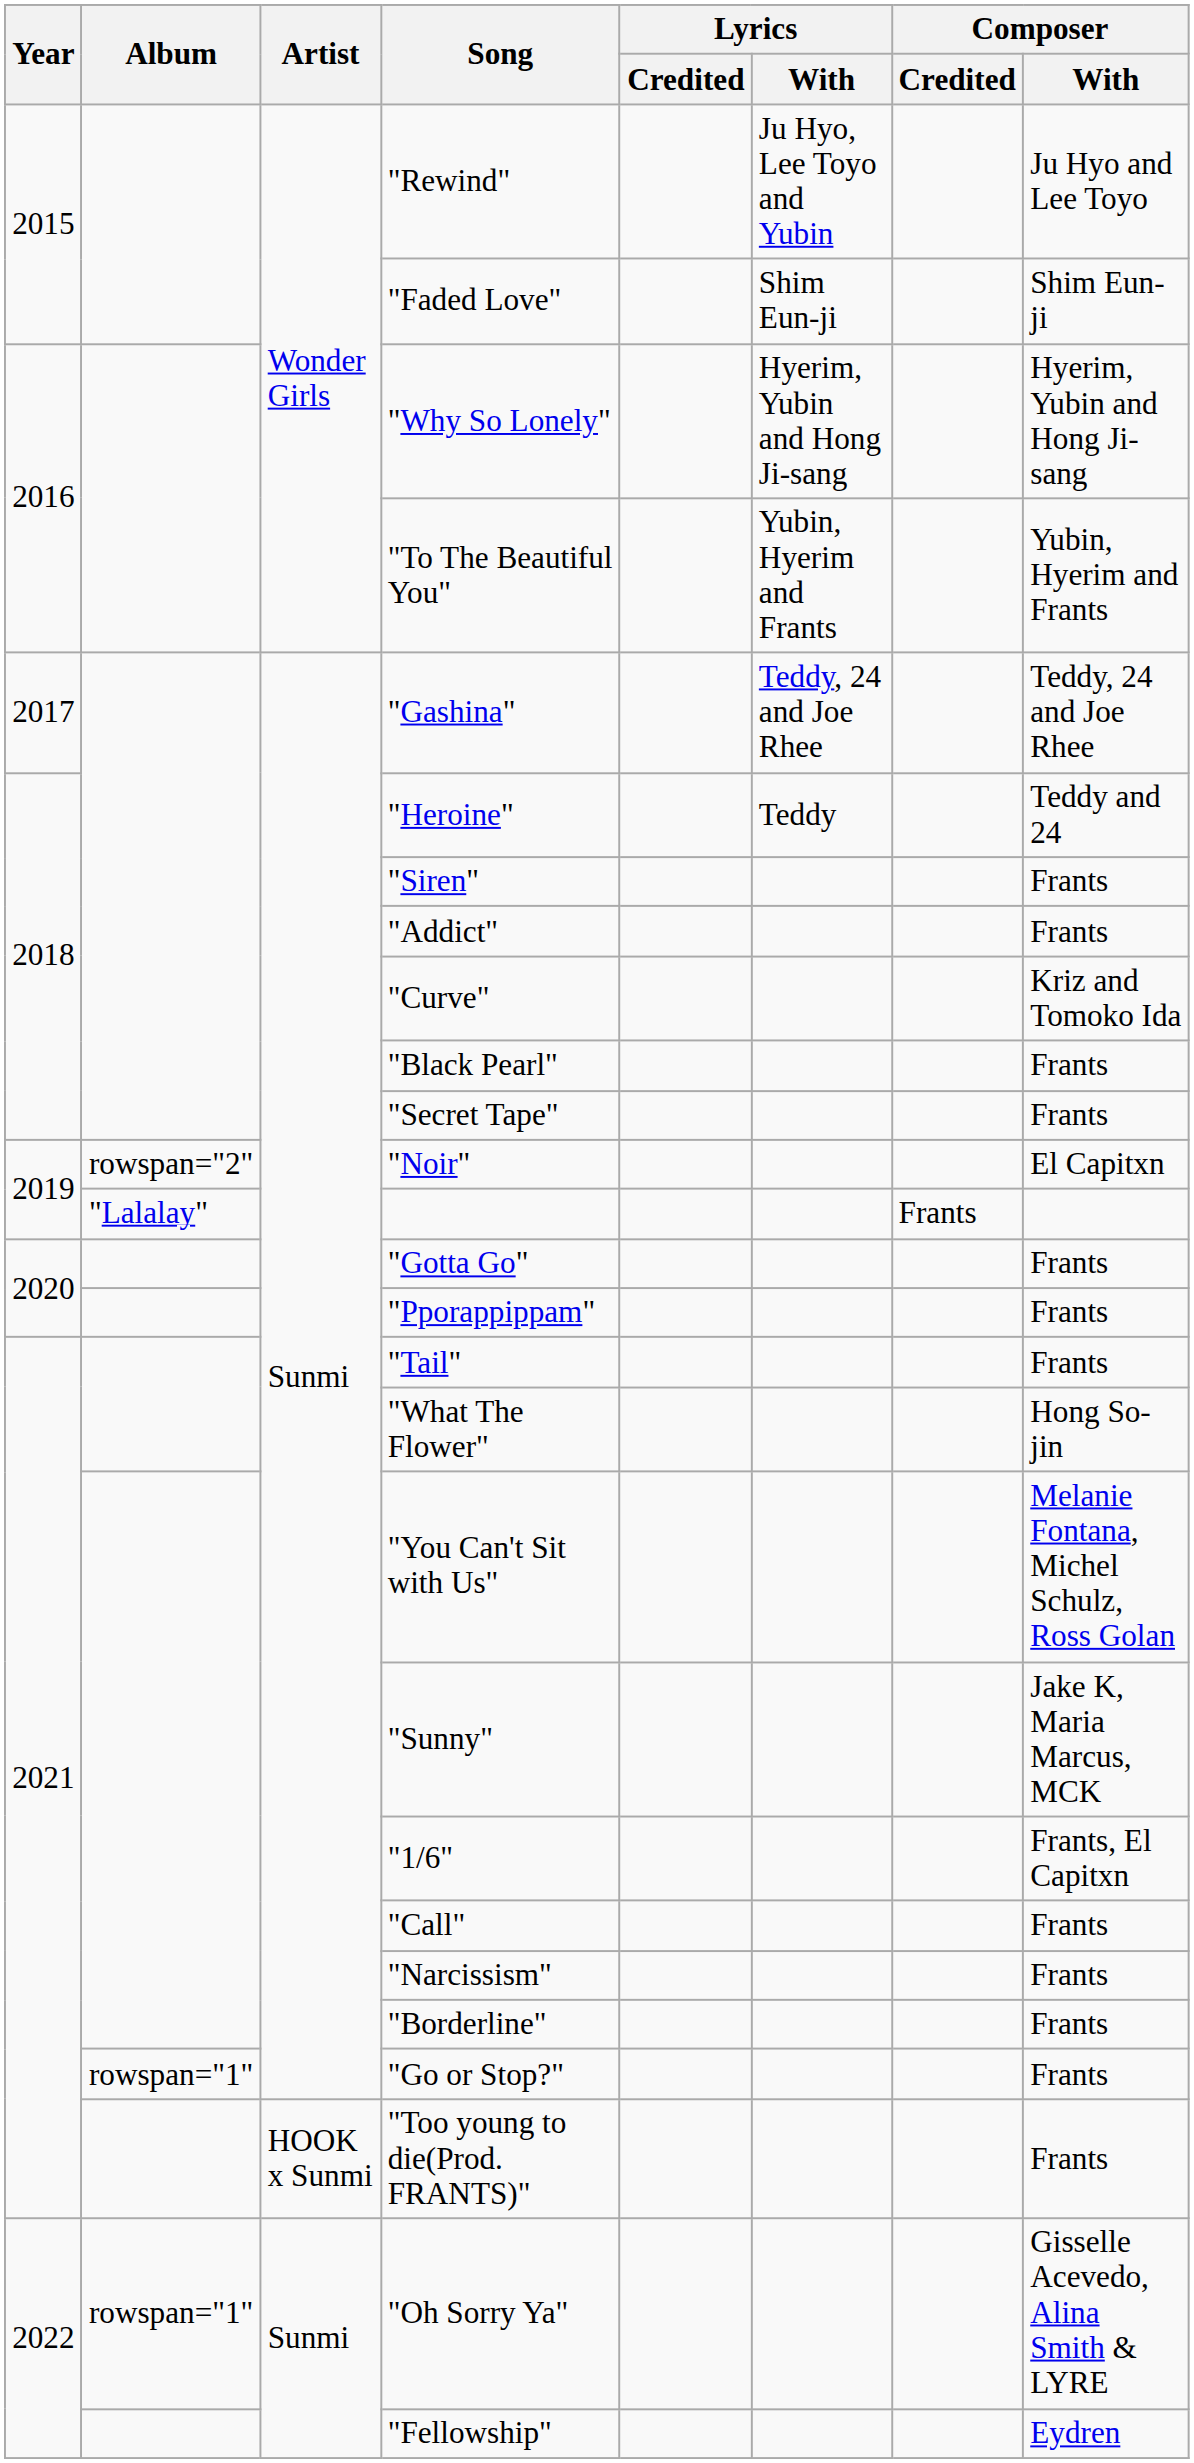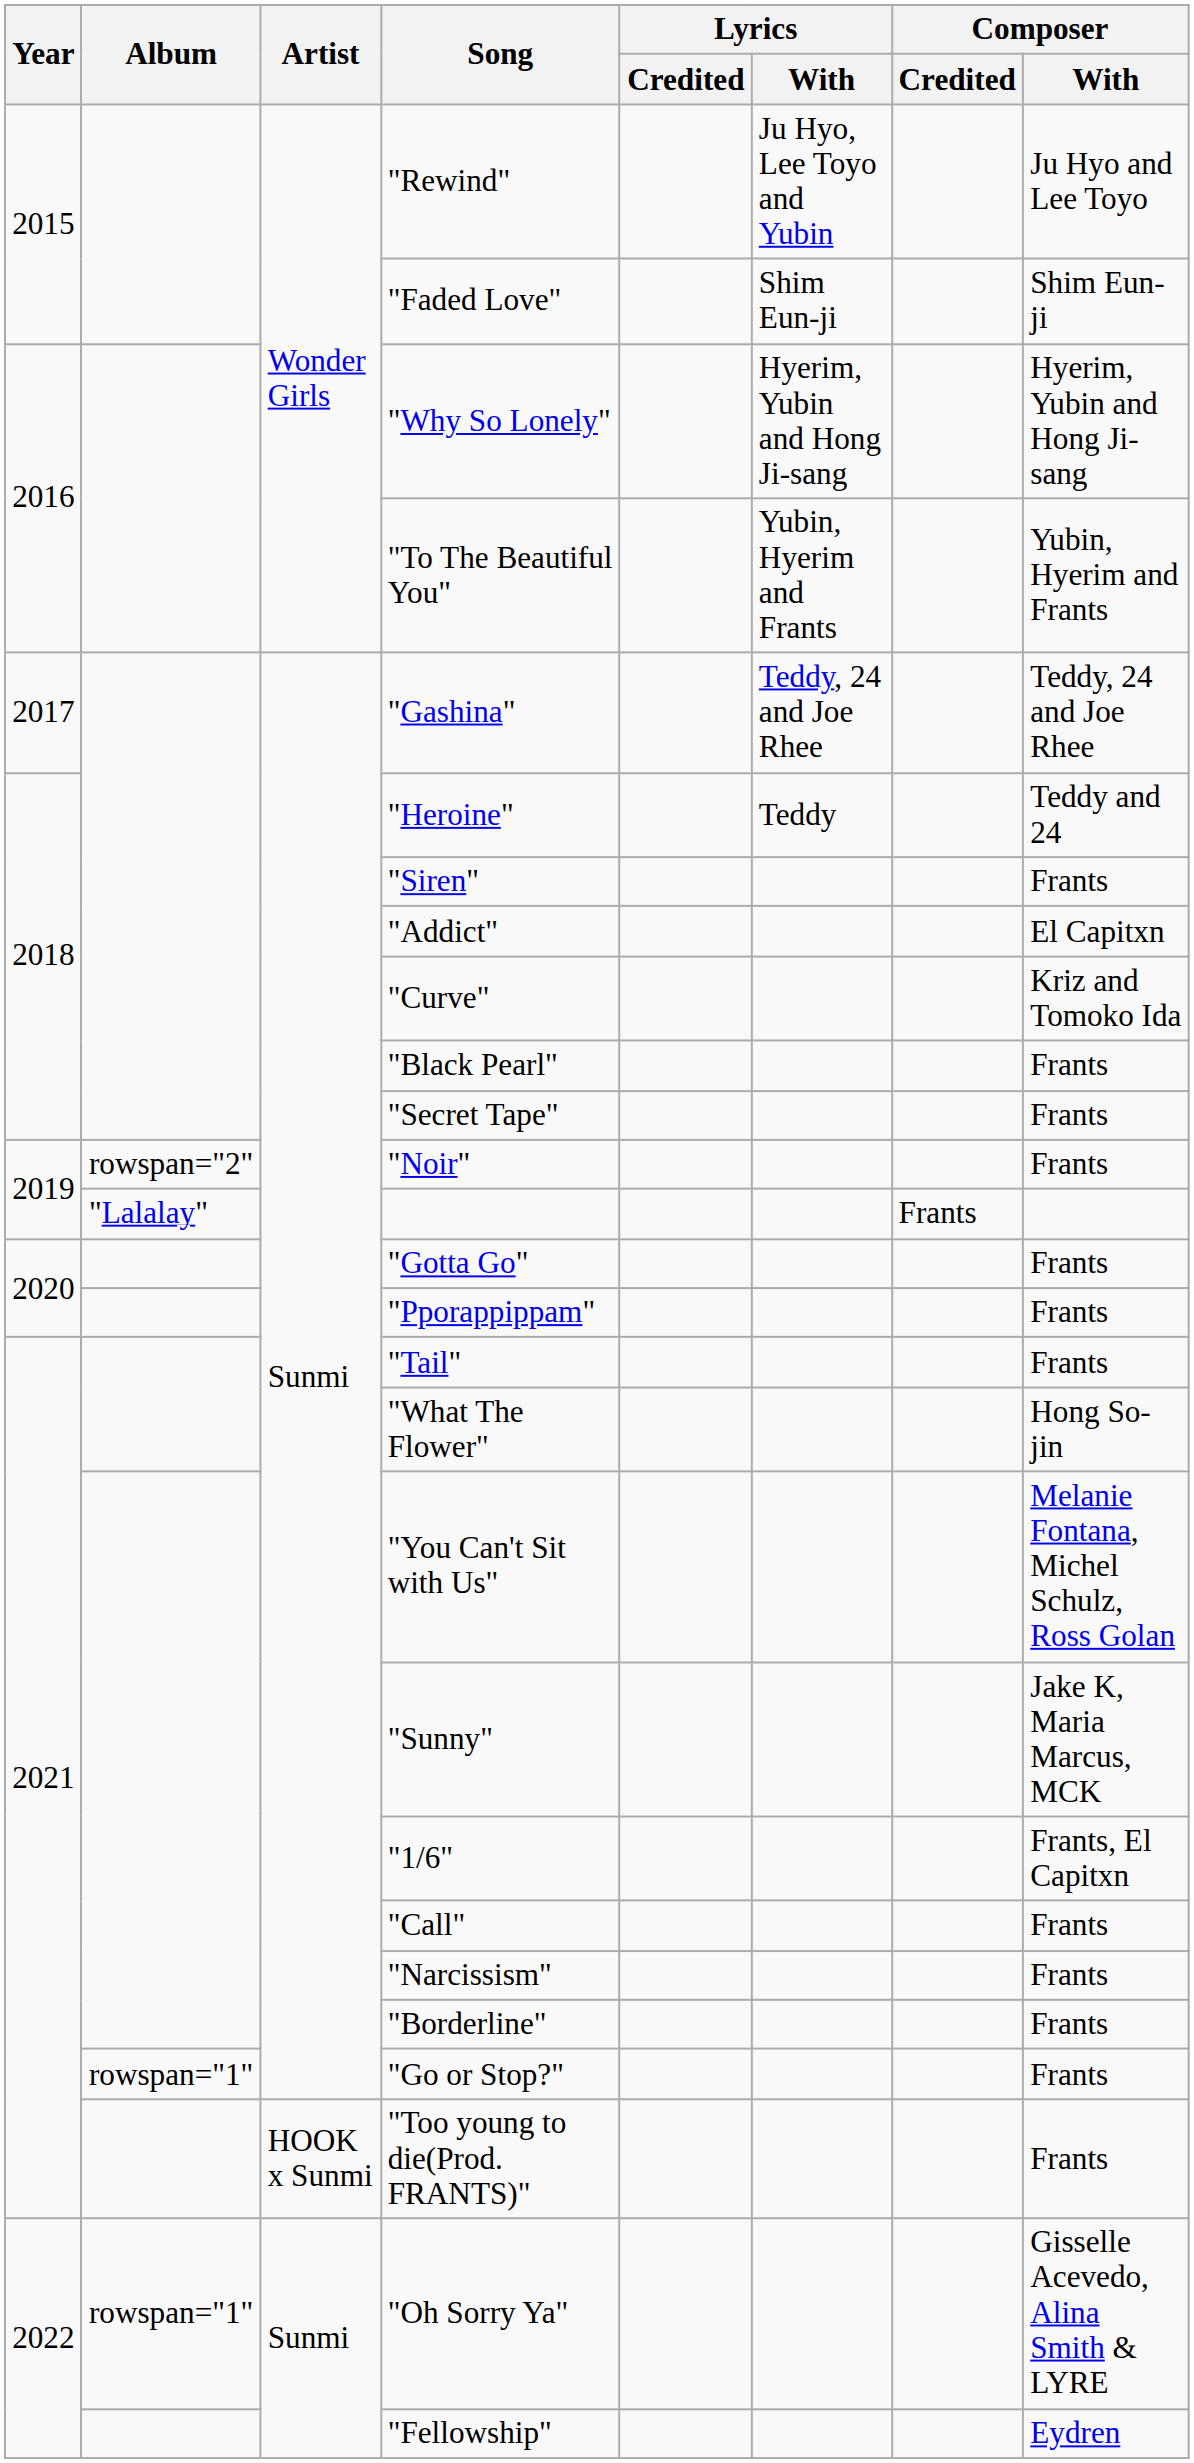 <table class="wikitable">
 <tr>
 <th rowspan="2">Year</th>
 <th rowspan="2">Album</th>
 <th rowspan="2">Artist</th>
 <th rowspan="2">Song</th>
 <th colspan="2">Lyrics</th>
 <th colspan="2">Composer</th>
 </tr>
 <tr>
 <th>Credited</th>
 <th>With</th>
 <th>Credited</th>
 <th>With</th>
 </tr>
 <tr>
 <td rowspan="2">2015</td>
 <td rowspan="2"></td>
 <td rowspan="4"><a href='#'>Wonder Girls</a></td>
 <td>"Rewind"</td>
 <td></td>
 <td>Ju Hyo, Lee Toyo and <a href='#'>Yubin</a></td>
 <td></td>
 <td>Ju Hyo and Lee Toyo</td>
 </tr>
 <tr>
 <td>"Faded Love"</td>
 <td></td>
 <td>Shim Eun-ji</td>
 <td></td>
 <td>Shim Eun-ji</td>
 </tr>
 <tr>
 <td rowspan="2">2016</td>
 <td rowspan="2"></td>
 <td>"<a href='#'>Why So Lonely</a>"</td>
 <td></td>
 <td>Hyerim, Yubin and Hong Ji-sang</td>
 <td></td>
 <td>Hyerim, Yubin and Hong Ji-sang</td>
 </tr>
 <tr>
 <td>"To The Beautiful You"</td>
 <td></td>
 <td>Yubin, Hyerim and Frants</td>
 <td></td>
 <td>Yubin, Hyerim and Frants</td>
 </tr>
 <tr>
 <td>2017</td>
 <td rowspan="7"></td>
 <td rowspan="20">Sunmi</td>
 <td>"<a href='#'>Gashina</a>"</td>
 <td></td>
 <td><a href='#'>Teddy</a>, 24 and Joe Rhee</td>
 <td></td>
 <td>Teddy, 24 and Joe Rhee</td>
 </tr>
 <tr>
 <td rowspan="6">2018</td>
 <td>"<a href='#'>Heroine</a>"</td>
 <td></td>
 <td>Teddy</td>
 <td></td>
 <td>Teddy and 24</td>
 </tr>
 <tr>
 <td>"<a href='#'>Siren</a>"</td>
 <td></td>
 <td></td>
 <td></td>
 <td>Frants</td>
 </tr>
 <tr>
 <td>"Addict"</td>
 <td></td>
 <td></td>
 <td></td>
-<td>Frants</td>
+<td>El Capitxn</td>
 </tr>
 <tr>
 <td>"Curve"</td>
 <td></td>
 <td></td>
 <td></td>
 <td>Kriz and Tomoko Ida</td>
 </tr>
 <tr>
 <td>"Black Pearl"</td>
 <td></td>
 <td></td>
 <td></td>
 <td>Frants</td>
 </tr>
 <tr>
 <td>"Secret Tape"</td>
 <td></td>
 <td></td>
 <td></td>
 <td>Frants</td>
 </tr>
 <tr>
 <td rowspan="2">2019</td>
 <td>rowspan="2"</td>
 <td>"<a href='#'>Noir</a>"</td>
 <td></td>
 <td></td>
 <td></td>
-<td>El Capitxn</td>
+<td>Frants</td>
 </tr>
 <tr>
 <td>"<a href='#'>Lalalay</a>"</td>
 <td></td>
 <td></td>
 <td></td>
 <td>Frants</td>
 </tr>
 <tr>
 <td rowspan="2">2020</td>
 <td></td>
 <td>"<a href='#'>Gotta Go</a>"</td>
 <td></td>
 <td></td>
 <td></td>
 <td>Frants</td>
 </tr>
 <tr>
 <td></td>
 <td>"<a href='#'>Pporappippam</a>"</td>
 <td></td>
 <td></td>
 <td></td>
 <td>Frants</td>
 </tr>
 <tr>
 <td rowspan="10">2021</td>
 <td rowspan="2"></td>
 <td>"<a href='#'>Tail</a>"</td>
 <td></td>
 <td></td>
 <td></td>
 <td>Frants</td>
 </tr>
 <tr>
 <td>"What The Flower"</td>
 <td></td>
 <td></td>
 <td></td>
 <td>Hong So-jin</td>
 </tr>
 <tr>
 <td rowspan="6"></td>
 <td>"You Can't Sit with Us"</td>
 <td></td>
 <td></td>
 <td></td>
 <td><a href='#'>Melanie Fontana</a>, Michel Schulz, <a href='#'>Ross Golan</a></td>
 </tr>
 <tr>
 <td>"Sunny"</td>
 <td></td>
 <td></td>
 <td></td>
 <td>Jake K, Maria Marcus, MCK</td>
 </tr>
 <tr>
 <td>"1/6"</td>
 <td></td>
 <td></td>
 <td></td>
 <td>Frants, El Capitxn</td>
 </tr>
 <tr>
 <td>"Call"</td>
 <td></td>
 <td></td>
 <td></td>
 <td>Frants</td>
 </tr>
 <tr>
 <td>"Narcissism"</td>
 <td></td>
 <td></td>
 <td></td>
 <td>Frants</td>
 </tr>
 <tr>
 <td>"Borderline"</td>
 <td></td>
 <td></td>
 <td></td>
 <td>Frants</td>
 </tr>
 <tr>
 <td>rowspan="1"</td>
 <td>"Go or Stop?"</td>
 <td></td>
 <td></td>
 <td></td>
 <td>Frants</td>
 </tr>
 <tr>
 <td rowspan="1"></td>
 <td rowspan="1">HOOK x Sunmi</td>
 <td>"Too young to die(Prod. FRANTS)"</td>
 <td></td>
 <td></td>
 <td></td>
 <td>Frants</td>
 </tr>
 <tr>
 <td rowspan="2">2022</td>
 <td>rowspan="1"</td>
 <td rowspan="2">Sunmi</td>
 <td>"Oh Sorry Ya"</td>
 <td></td>
 <td></td>
 <td></td>
 <td>Gisselle Acevedo, <a href='#'>Alina Smith</a> & LYRE</td>
 </tr>
 <tr>
 <td rowspan="1"></td>
 <td>"Fellowship"</td>
 <td></td>
 <td></td>
 <td></td>
 <td><a href='#'>Eydren</a></td>
 </tr>
 </table>
